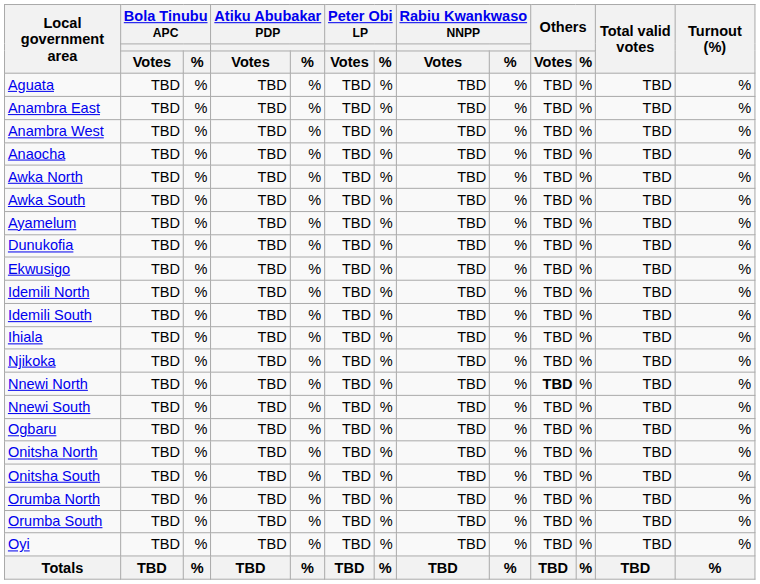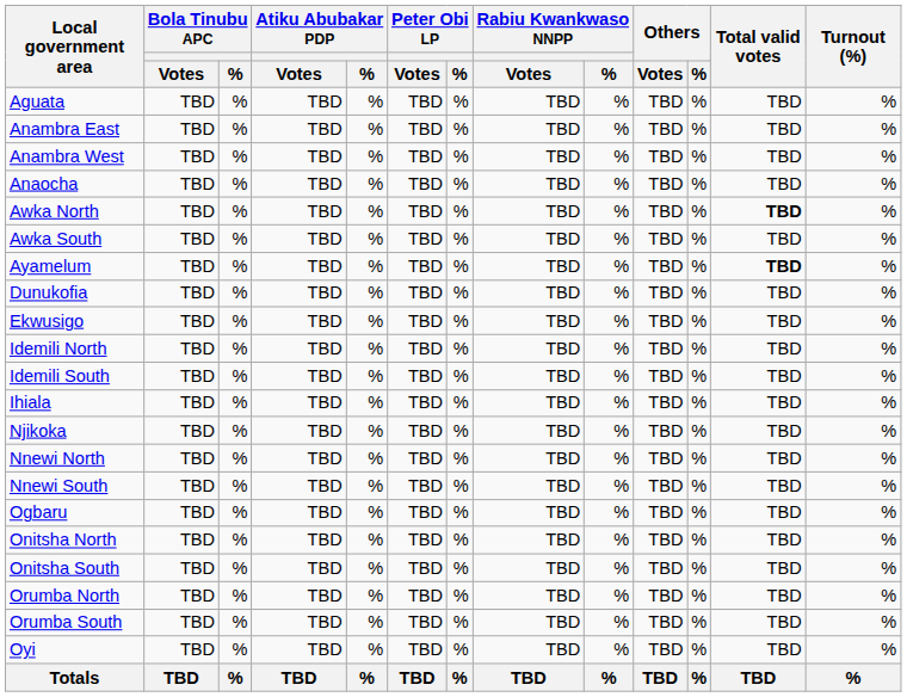 <table class="wikitable sortable" style="text-align:right; font-size:90%">
 <tr>
 <th rowspan="3" style="max-width:7.5em;">Local government area</th>
 <th colspan="2"><a href='#'>Bola Tinubu</a><br><small>APC</small></th>
 <th colspan="2"><a href='#'>Atiku Abubakar</a><br><small>PDP</small></th>
 <th colspan="2"><a href='#'>Peter Obi</a><br><small>LP</small></th>
 <th colspan="2"><a href='#'>Rabiu Kwankwaso</a><br><small>NNPP</small></th>
 <th colspan="2" rowspan="2">Others</th>
 <th rowspan="3" style="max-width:5em;">Total valid votes</th>
 <th rowspan="3" style="max-width:5em;">Turnout (%)</th>
 </tr>
 <tr>
 <th colspan=2 style="background-color:"></th>
 <th colspan=2 style="background-color:"></th>
 <th colspan=2 style="background-color:"></th>
 <th colspan=2 style="background-color:"></th>
 </tr>
 <tr>
 <th>Votes</th>
 <th>%</th>
 <th>Votes</th>
 <th>%</th>
 <th>Votes</th>
 <th>%</th>
 <th>Votes</th>
 <th>%</th>
 <th>Votes</th>
 <th>%</th>
 </tr>
 <tr style="background-color:#">
 <td style="text-align:left;"><a href='#'>Aguata</a></td>
 <td>TBD</td>
 <td>%</td>
 <td>TBD</td>
 <td>%</td>
 <td>TBD</td>
 <td>%</td>
 <td>TBD</td>
 <td>%</td>
 <td>TBD</td>
 <td>%</td>
 <td>TBD</td>
 <td>%</td>
 </tr>
 <tr style="background-color:#">
 <td style="text-align:left;"><a href='#'>Anambra East</a></td>
 <td>TBD</td>
 <td>%</td>
 <td>TBD</td>
 <td>%</td>
 <td>TBD</td>
 <td>%</td>
 <td>TBD</td>
 <td>%</td>
 <td>TBD</td>
 <td>%</td>
 <td>TBD</td>
 <td>%</td>
 </tr>
 <tr style="background-color:#">
 <td style="text-align:left;"><a href='#'>Anambra West</a></td>
 <td>TBD</td>
 <td>%</td>
 <td>TBD</td>
 <td>%</td>
 <td>TBD</td>
 <td>%</td>
 <td>TBD</td>
 <td>%</td>
 <td>TBD</td>
 <td>%</td>
 <td>TBD</td>
 <td>%</td>
 </tr>
 <tr style="background-color:#">
 <td style="text-align:left;"><a href='#'>Anaocha</a></td>
 <td>TBD</td>
 <td>%</td>
 <td>TBD</td>
 <td>%</td>
 <td>TBD</td>
 <td>%</td>
 <td>TBD</td>
 <td>%</td>
 <td>TBD</td>
 <td>%</td>
 <td>TBD</td>
 <td>%</td>
 </tr>
 <tr style="background-color:#">
 <td style="text-align:left;"><a href='#'>Awka North</a></td>
 <td>TBD</td>
 <td>%</td>
 <td>TBD</td>
 <td>%</td>
 <td>TBD</td>
 <td>%</td>
 <td>TBD</td>
 <td>%</td>
 <td>TBD</td>
 <td>%</td>
-<td>TBD</td>
+<td><strong>TBD</strong></td>
 <td>%</td>
 </tr>
 <tr style="background-color:#">
 <td style="text-align:left;"><a href='#'>Awka South</a></td>
 <td>TBD</td>
 <td>%</td>
 <td>TBD</td>
 <td>%</td>
 <td>TBD</td>
 <td>%</td>
 <td>TBD</td>
 <td>%</td>
 <td>TBD</td>
 <td>%</td>
 <td>TBD</td>
 <td>%</td>
 </tr>
 <tr style="background-color:#">
 <td style="text-align:left;"><a href='#'>Ayamelum</a></td>
 <td>TBD</td>
 <td>%</td>
 <td>TBD</td>
 <td>%</td>
 <td>TBD</td>
 <td>%</td>
 <td>TBD</td>
 <td>%</td>
 <td>TBD</td>
 <td>%</td>
-<td>TBD</td>
+<td><strong>TBD</strong></td>
 <td>%</td>
 </tr>
 <tr style="background-color:#">
 <td style="text-align:left;"><a href='#'>Dunukofia</a></td>
 <td>TBD</td>
 <td>%</td>
 <td>TBD</td>
 <td>%</td>
 <td>TBD</td>
 <td>%</td>
 <td>TBD</td>
 <td>%</td>
 <td>TBD</td>
 <td>%</td>
 <td>TBD</td>
 <td>%</td>
 </tr>
 <tr style="background-color:#">
 <td style="text-align:left;"><a href='#'>Ekwusigo</a></td>
 <td>TBD</td>
 <td>%</td>
 <td>TBD</td>
 <td>%</td>
 <td>TBD</td>
 <td>%</td>
 <td>TBD</td>
 <td>%</td>
 <td>TBD</td>
 <td>%</td>
 <td>TBD</td>
 <td>%</td>
 </tr>
 <tr style="background-color:#">
 <td style="text-align:left;"><a href='#'>Idemili North</a></td>
 <td>TBD</td>
 <td>%</td>
 <td>TBD</td>
 <td>%</td>
 <td>TBD</td>
 <td>%</td>
 <td>TBD</td>
 <td>%</td>
 <td>TBD</td>
 <td>%</td>
 <td>TBD</td>
 <td>%</td>
 </tr>
 <tr style="background-color:#">
 <td style="text-align:left;"><a href='#'>Idemili South</a></td>
 <td>TBD</td>
 <td>%</td>
 <td>TBD</td>
 <td>%</td>
 <td>TBD</td>
 <td>%</td>
 <td>TBD</td>
 <td>%</td>
 <td>TBD</td>
 <td>%</td>
 <td>TBD</td>
 <td>%</td>
 </tr>
 <tr style="background-color:#">
 <td style="text-align:left;"><a href='#'>Ihiala</a></td>
 <td>TBD</td>
 <td>%</td>
 <td>TBD</td>
 <td>%</td>
 <td>TBD</td>
 <td>%</td>
 <td>TBD</td>
 <td>%</td>
 <td>TBD</td>
 <td>%</td>
 <td>TBD</td>
 <td>%</td>
 </tr>
 <tr style="background-color:#">
 <td style="text-align:left;"><a href='#'>Njikoka</a></td>
 <td>TBD</td>
 <td>%</td>
 <td>TBD</td>
 <td>%</td>
 <td>TBD</td>
 <td>%</td>
 <td>TBD</td>
 <td>%</td>
 <td>TBD</td>
 <td>%</td>
 <td>TBD</td>
 <td>%</td>
 </tr>
 <tr style="background-color:#">
 <td style="text-align:left;"><a href='#'>Nnewi North</a></td>
 <td>TBD</td>
 <td>%</td>
 <td>TBD</td>
 <td>%</td>
 <td>TBD</td>
 <td>%</td>
 <td>TBD</td>
 <td>%</td>
-<td><strong>TBD</strong></td>
+<td>TBD</td>
 <td>%</td>
 <td>TBD</td>
 <td>%</td>
 </tr>
 <tr style="background-color:#">
 <td style="text-align:left;"><a href='#'>Nnewi South</a></td>
 <td>TBD</td>
 <td>%</td>
 <td>TBD</td>
 <td>%</td>
 <td>TBD</td>
 <td>%</td>
 <td>TBD</td>
 <td>%</td>
 <td>TBD</td>
 <td>%</td>
 <td>TBD</td>
 <td>%</td>
 </tr>
 <tr style="background-color:#">
 <td style="text-align:left;"><a href='#'>Ogbaru</a></td>
 <td>TBD</td>
 <td>%</td>
 <td>TBD</td>
 <td>%</td>
 <td>TBD</td>
 <td>%</td>
 <td>TBD</td>
 <td>%</td>
 <td>TBD</td>
 <td>%</td>
 <td>TBD</td>
 <td>%</td>
 </tr>
 <tr style="background-color:#">
 <td style="text-align:left;"><a href='#'>Onitsha North</a></td>
 <td>TBD</td>
 <td>%</td>
 <td>TBD</td>
 <td>%</td>
 <td>TBD</td>
 <td>%</td>
 <td>TBD</td>
 <td>%</td>
 <td>TBD</td>
 <td>%</td>
 <td>TBD</td>
 <td>%</td>
 </tr>
 <tr style="background-color:#">
 <td style="text-align:left;"><a href='#'>Onitsha South</a></td>
 <td>TBD</td>
 <td>%</td>
 <td>TBD</td>
 <td>%</td>
 <td>TBD</td>
 <td>%</td>
 <td>TBD</td>
 <td>%</td>
 <td>TBD</td>
 <td>%</td>
 <td>TBD</td>
 <td>%</td>
 </tr>
 <tr style="background-color:#">
 <td style="text-align:left;"><a href='#'>Orumba North</a></td>
 <td>TBD</td>
 <td>%</td>
 <td>TBD</td>
 <td>%</td>
 <td>TBD</td>
 <td>%</td>
 <td>TBD</td>
 <td>%</td>
 <td>TBD</td>
 <td>%</td>
 <td>TBD</td>
 <td>%</td>
 </tr>
 <tr style="background-color:#">
 <td style="text-align:left;"><a href='#'>Orumba South</a></td>
 <td>TBD</td>
 <td>%</td>
 <td>TBD</td>
 <td>%</td>
 <td>TBD</td>
 <td>%</td>
 <td>TBD</td>
 <td>%</td>
 <td>TBD</td>
 <td>%</td>
 <td>TBD</td>
 <td>%</td>
 </tr>
 <tr style="background-color:#">
 <td style="text-align:left;"><a href='#'>Oyi</a></td>
 <td>TBD</td>
 <td>%</td>
 <td>TBD</td>
 <td>%</td>
 <td>TBD</td>
 <td>%</td>
 <td>TBD</td>
 <td>%</td>
 <td>TBD</td>
 <td>%</td>
 <td>TBD</td>
 <td>%</td>
 </tr>
 <tr>
 <th>Totals</th>
 <th>TBD</th>
 <th>%</th>
 <th>TBD</th>
 <th>%</th>
 <th>TBD</th>
 <th>%</th>
 <th>TBD</th>
 <th>%</th>
 <th>TBD</th>
 <th>%</th>
 <th>TBD</th>
 <th>%</th>
 </tr>
 </table>
